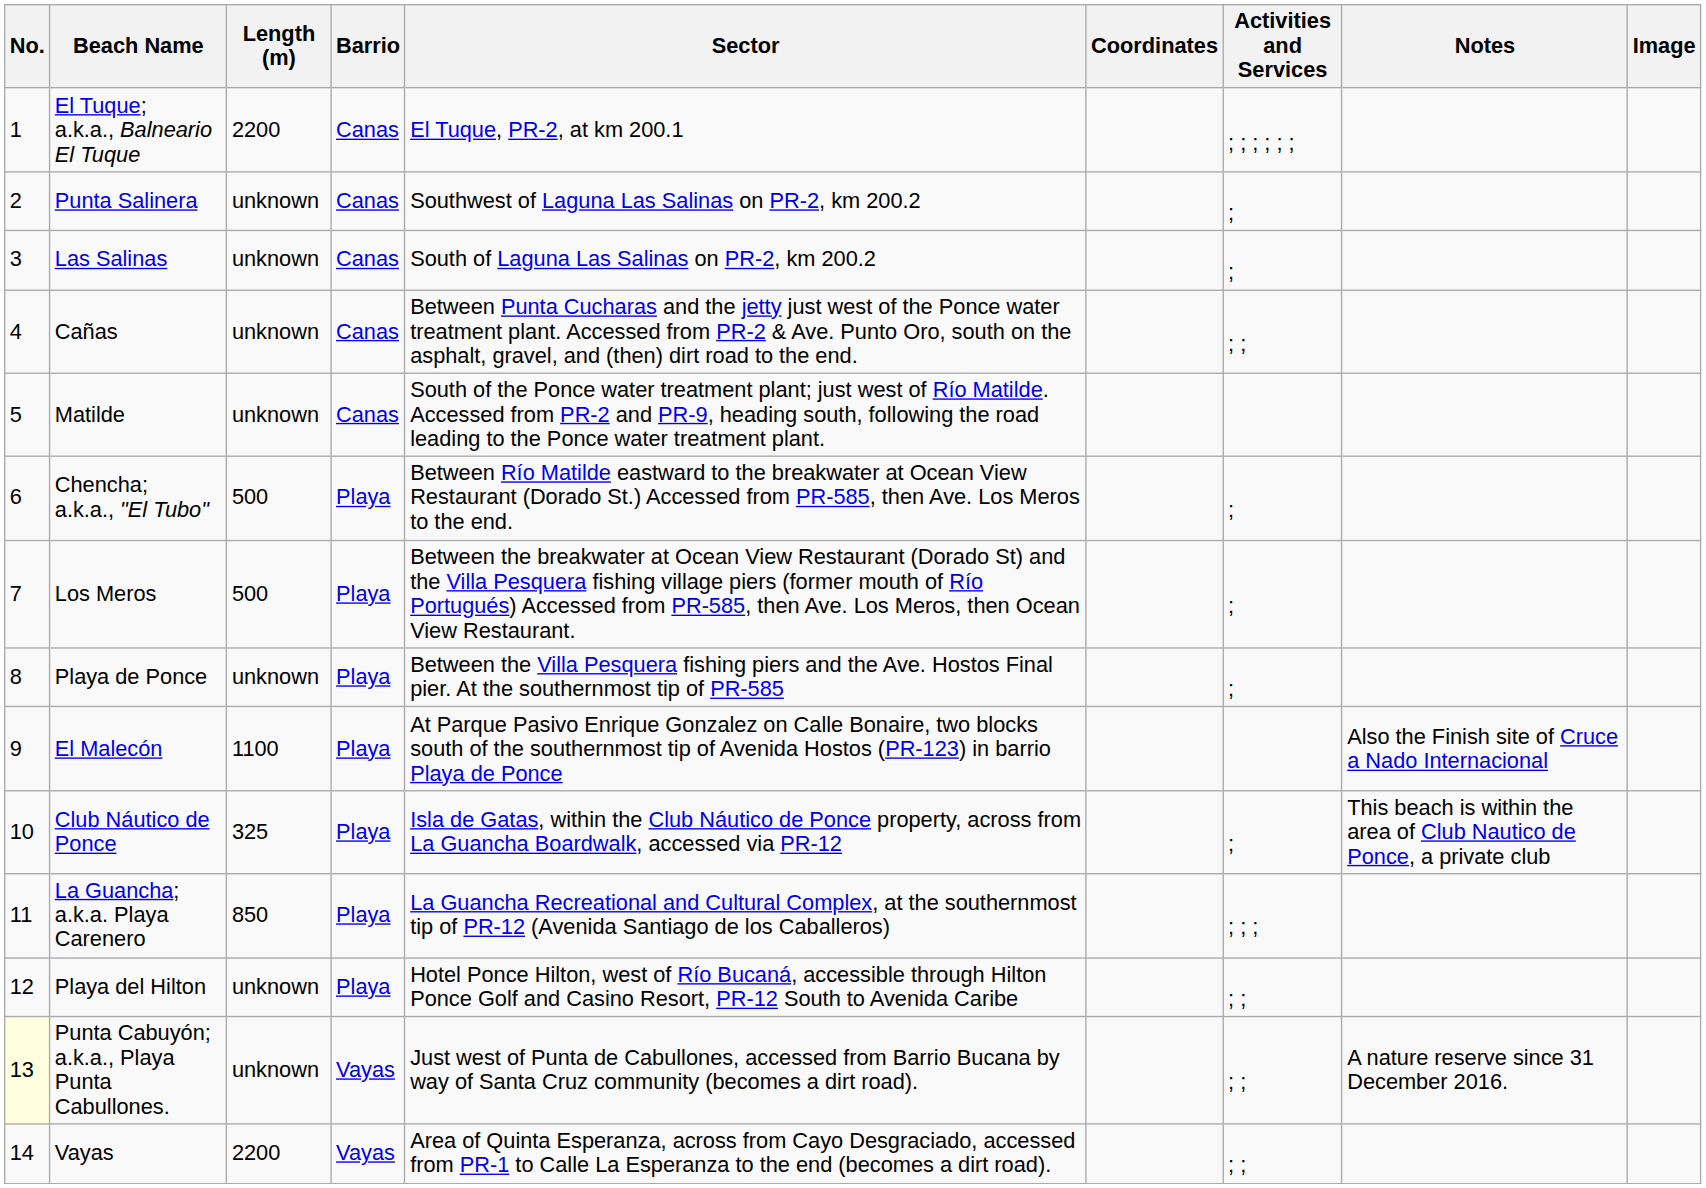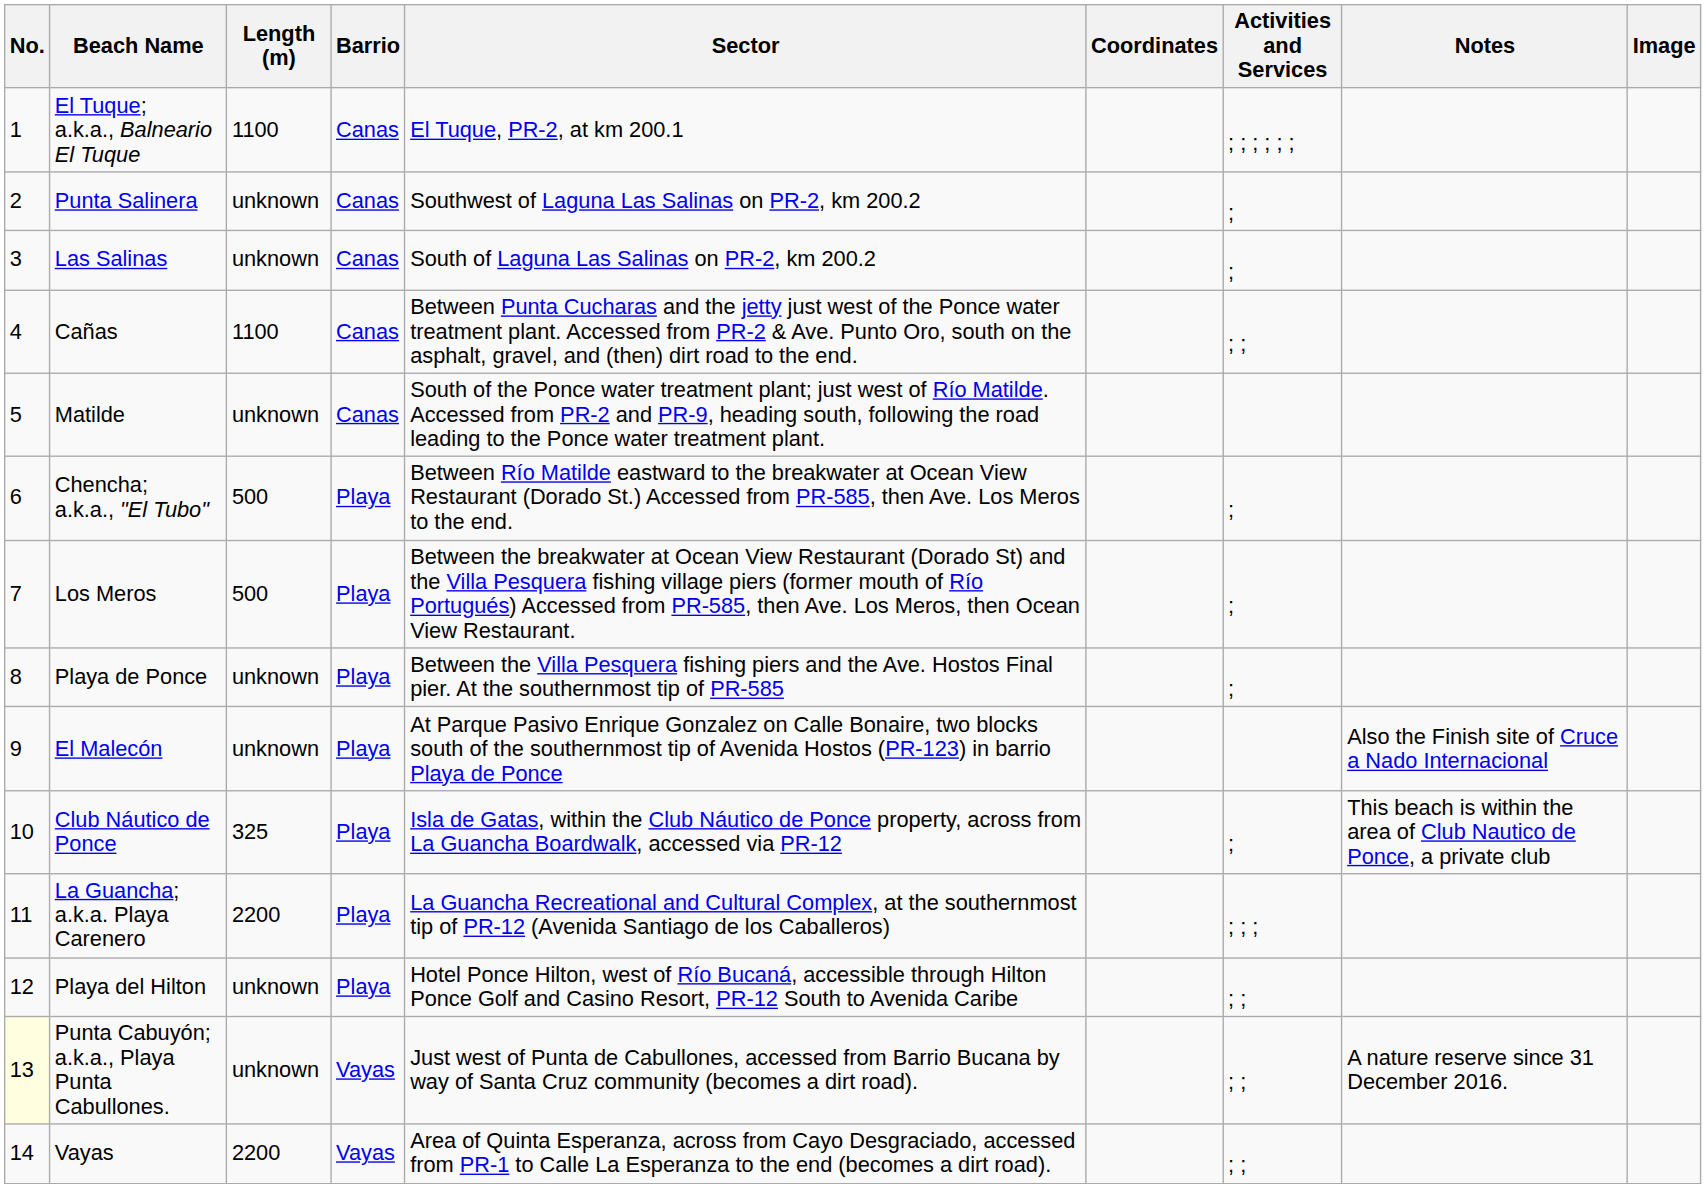 <table class="wikitable sortable">
 <tr>
 <th>No.</th>
 <th>Beach Name</th>
 <th>Length (m)</th>
 <th>Barrio</th>
 <th>Sector</th>
 <th>Coordinates</th>
 <th>Activities and<br>Services</th>
 <th>Notes</th>
 <th>Image</th>
 </tr>
 <tr>
 <td>1</td>
 <td><a href='#'>El Tuque</a>;<br>a.k.a., <em>Balneario El Tuque</em></td>
-<td>2200</td>
+<td>1100</td>
 <td><a href='#'>Canas</a></td>
 <td><a href='#'>El Tuque</a>, <a href='#'>PR-2</a>, at km 200.1</td>
 <td></td>
 <td><br>; ;  ; ; ; ; </td>
 <td></td>
 <td></td>
 </tr>
 <tr>
 <td>2</td>
 <td><a href='#'>Punta Salinera</a></td>
 <td>unknown</td>
 <td><a href='#'>Canas</a></td>
 <td>Southwest of <a href='#'>Laguna Las Salinas</a> on <a href='#'>PR-2</a>, km 200.2</td>
 <td></td>
 <td><br>; </td>
 <td></td>
 <td></td>
 </tr>
 <tr>
 <td>3</td>
 <td><a href='#'>Las Salinas</a></td>
 <td>unknown</td>
 <td><a href='#'>Canas</a></td>
 <td>South of <a href='#'>Laguna Las Salinas</a> on <a href='#'>PR-2</a>, km 200.2</td>
 <td></td>
 <td><br>; </td>
 <td></td>
 <td></td>
 </tr>
 <tr>
 <td>4</td>
 <td>Cañas</td>
-<td>unknown</td>
+<td>1100</td>
 <td><a href='#'>Canas</a></td>
 <td>Between <a href='#'>Punta Cucharas</a> and the <a href='#'>jetty</a> just west of the Ponce water treatment plant. Accessed from <a href='#'>PR-2</a> & Ave. Punto Oro, south on the asphalt, gravel, and (then) dirt road to the end.</td>
 <td></td>
 <td><br>; ; </td>
 <td></td>
 <td></td>
 </tr>
 <tr>
 <td>5</td>
 <td>Matilde</td>
 <td>unknown</td>
 <td><a href='#'>Canas</a></td>
 <td>South of the Ponce water treatment plant; just west of <a href='#'>Río Matilde</a>. Accessed from <a href='#'>PR-2</a> and <a href='#'>PR-9</a>, heading south, following the road leading to the Ponce water treatment plant.</td>
 <td></td>
 <td><br></td>
 <td></td>
 <td></td>
 </tr>
 <tr>
 <td>6</td>
 <td>Chencha;<br>a.k.a., <em>"El Tubo"</em></td>
 <td>500</td>
 <td><a href='#'>Playa</a></td>
 <td>Between <a href='#'>Río Matilde</a> eastward to the breakwater at Ocean View Restaurant (Dorado St.) Accessed from <a href='#'>PR-585</a>, then Ave. Los Meros to the end.</td>
 <td></td>
 <td><br>; </td>
 <td></td>
 <td></td>
 </tr>
 <tr>
 <td>7</td>
 <td>Los Meros</td>
 <td>500</td>
 <td><a href='#'>Playa</a></td>
 <td>Between the breakwater at Ocean View Restaurant (Dorado St) and the <a href='#'>Villa Pesquera</a> fishing village piers (former mouth of <a href='#'>Río Portugués</a>)  Accessed from <a href='#'>PR-585</a>, then Ave. Los Meros, then Ocean View Restaurant.</td>
 <td></td>
 <td><br>; </td>
 <td></td>
 <td></td>
 </tr>
 <tr>
 <td>8</td>
 <td>Playa de Ponce</td>
 <td>unknown</td>
 <td><a href='#'>Playa</a></td>
 <td>Between the <a href='#'>Villa Pesquera</a> fishing piers and the Ave. Hostos Final pier. At the southernmost tip of <a href='#'>PR-585</a></td>
 <td></td>
 <td><br>; </td>
 <td></td>
 <td></td>
 </tr>
 <tr>
 <td>9</td>
 <td><a href='#'>El Malecón</a></td>
-<td>1100</td>
+<td>unknown</td>
 <td><a href='#'>Playa</a></td>
 <td>At Parque Pasivo Enrique Gonzalez on Calle Bonaire, two blocks south of the southernmost tip of Avenida Hostos (<a href='#'>PR-123</a>) in barrio <a href='#'>Playa de Ponce</a></td>
 <td></td>
 <td><br></td>
 <td>Also the Finish site of <a href='#'>Cruce a Nado Internacional</a></td>
 <td></td>
 </tr>
 <tr>
 <td>10</td>
 <td><a href='#'>Club Náutico de Ponce</a></td>
 <td>325</td>
 <td><a href='#'>Playa</a></td>
 <td><a href='#'>Isla de Gatas</a>, within the <a href='#'>Club Náutico de Ponce</a> property, across from <a href='#'>La Guancha Boardwalk</a>, accessed via <a href='#'>PR-12</a></td>
 <td></td>
 <td><br>; </td>
 <td>This beach is within the area of <a href='#'>Club Nautico de Ponce</a>, a private club</td>
 <td></td>
 </tr>
 <tr>
 <td>11</td>
 <td><a href='#'>La Guancha</a>;<br>a.k.a. Playa Carenero</td>
-<td>850</td>
+<td>2200</td>
 <td><a href='#'>Playa</a></td>
 <td><a href='#'>La Guancha Recreational and Cultural Complex</a>, at the southernmost tip of <a href='#'>PR-12</a> (Avenida Santiago de los Caballeros)</td>
 <td></td>
 <td><br>;  ;   ;  </td>
 <td></td>
 <td></td>
 </tr>
 <tr>
 <td>12</td>
 <td>Playa del Hilton</td>
 <td>unknown</td>
 <td><a href='#'>Playa</a></td>
 <td>Hotel Ponce Hilton, west of <a href='#'>Río Bucaná</a>, accessible through Hilton Ponce Golf and Casino Resort, <a href='#'>PR-12</a> South to Avenida Caribe</td>
 <td></td>
 <td><br>; ; </td>
 <td></td>
 <td></td>
 </tr>
 <tr>
 <td style="background: lightyellow;">13</td>
 <td>Punta Cabuyón;<br>a.k.a., Playa Punta Cabullones.</td>
 <td>unknown</td>
 <td><a href='#'>Vayas</a></td>
 <td>Just west of Punta de Cabullones, accessed from Barrio Bucana by way of Santa Cruz community (becomes a dirt road).</td>
 <td></td>
 <td><br>; ; </td>
 <td>A nature reserve since 31 December 2016.</td>
 <td></td>
 </tr>
 <tr>
 <td>14</td>
 <td>Vayas</td>
 <td>2200</td>
 <td><a href='#'>Vayas</a></td>
 <td>Area of Quinta Esperanza, across from Cayo Desgraciado, accessed from <a href='#'>PR-1</a> to Calle La Esperanza to the end (becomes a dirt road).</td>
 <td></td>
 <td><br>; ; </td>
 <td></td>
 <td></td>
 </tr>
 <tr>
 </tr>
 </table>
